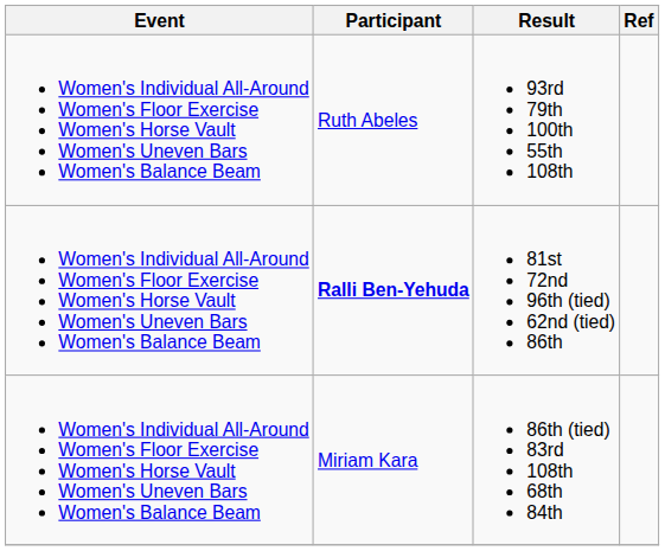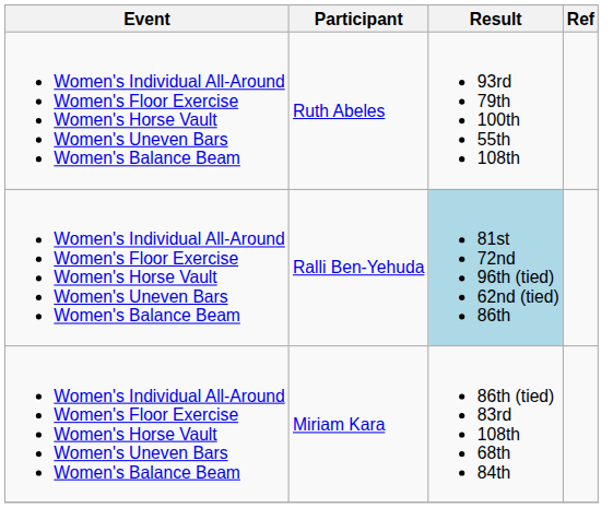 <table class="wikitable" style="font-size: 95%;">
 <tr>
 <th>Event</th>
 <th>Participant</th>
 <th>Result</th>
 <th>Ref</th>
 </tr>
 <tr>
 <td><br><ul><li><a href='#'>Women's Individual All-Around</a></li><li><a href='#'>Women's Floor Exercise</a></li><li><a href='#'>Women's Horse Vault</a></li><li><a href='#'>Women's Uneven Bars</a></li><li><a href='#'>Women's Balance Beam</a></li></ul></td>
 <td><a href='#'>Ruth Abeles</a></td>
 <td><br><ul><li>93rd</li><li>79th</li><li>100th</li><li>55th</li><li>108th</li></ul></td>
 <td></td>
 </tr>
 <tr>
 <td><br><ul><li><a href='#'>Women's Individual All-Around</a></li><li><a href='#'>Women's Floor Exercise</a></li><li><a href='#'>Women's Horse Vault</a></li><li><a href='#'>Women's Uneven Bars</a></li><li><a href='#'>Women's Balance Beam</a></li></ul></td>
-<td><strong><a href='#'>Ralli Ben-Yehuda</a></strong></td>
-<td><br><ul><li>81st</li><li>72nd</li><li>96th (tied)</li><li>62nd (tied)</li><li>86th</li></ul></td>
+<td><a href='#'>Ralli Ben-Yehuda</a></td>
+<td style="background: lightblue;"><br><ul><li>81st</li><li>72nd</li><li>96th (tied)</li><li>62nd (tied)</li><li>86th</li></ul></td>
 <td></td>
 </tr>
 <tr>
 <td><br><ul><li><a href='#'>Women's Individual All-Around</a></li><li><a href='#'>Women's Floor Exercise</a></li><li><a href='#'>Women's Horse Vault</a></li><li><a href='#'>Women's Uneven Bars</a></li><li><a href='#'>Women's Balance Beam</a></li></ul></td>
 <td><a href='#'>Miriam Kara</a></td>
 <td><br><ul><li>86th (tied)</li><li>83rd</li><li>108th</li><li>68th</li><li>84th</li></ul></td>
 <td></td>
 </tr>
 <tr>
 </tr>
 </table>
